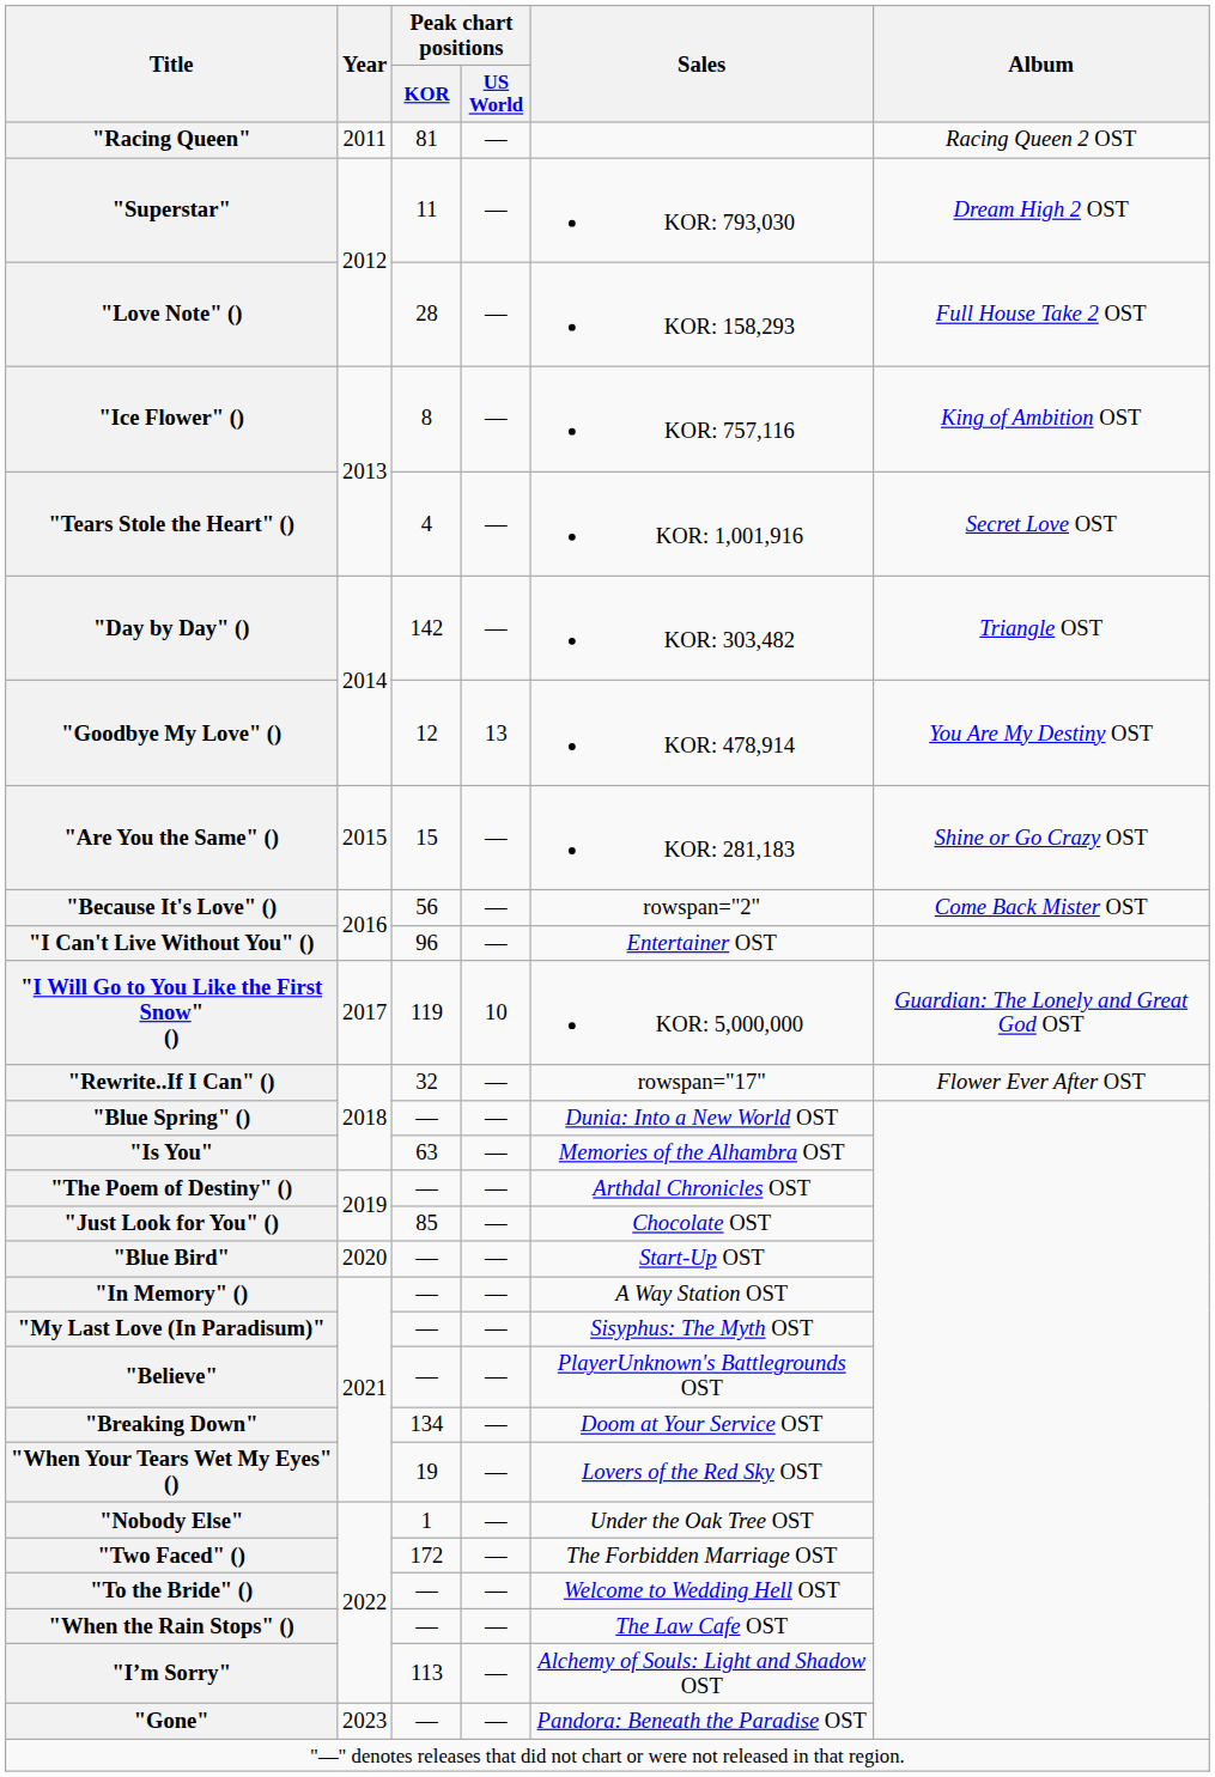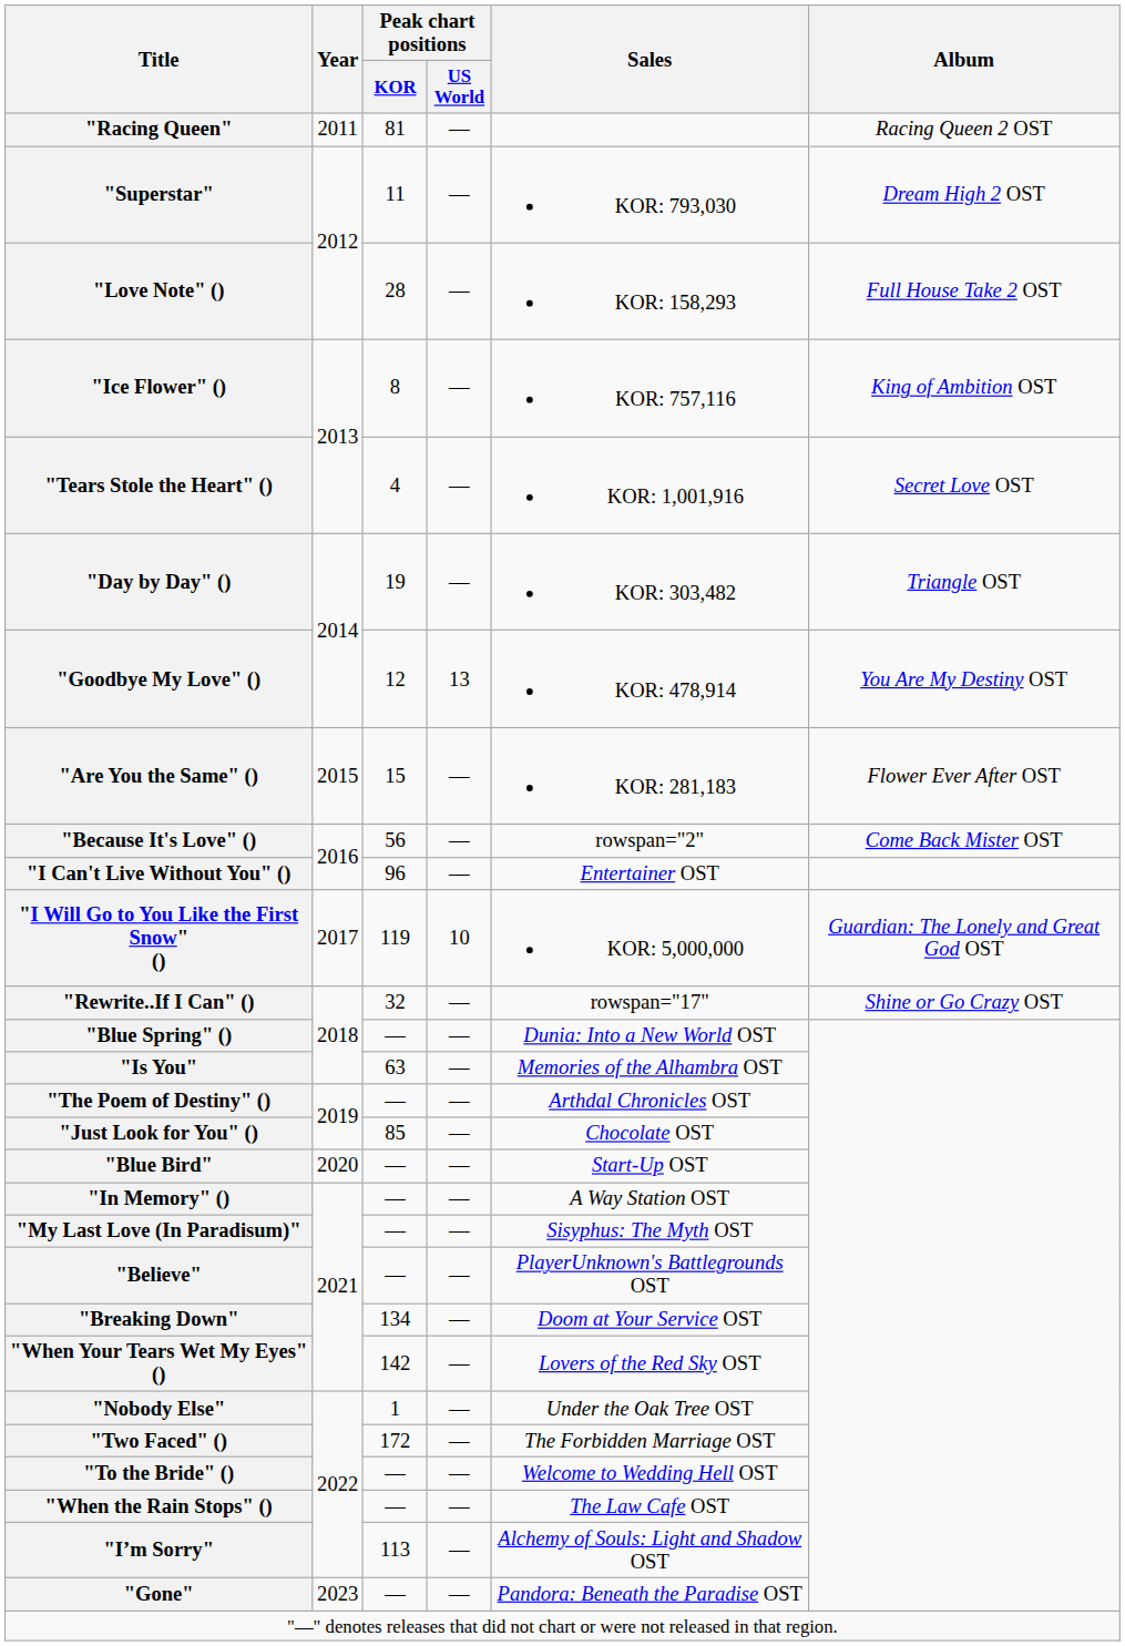 <table class="wikitable plainrowheaders" style="text-align:center;">
 <tr>
 <th scope="col" rowspan="2">Title</th>
 <th scope="col" rowspan="2">Year</th>
 <th colspan="2" scope="col">Peak chart positions</th>
 <th scope="col" rowspan="2">Sales</th>
 <th scope="col" rowspan="2">Album</th>
 </tr>
 <tr>
 <th scope="col" style="width:3em;font-size:90%;"><a href='#'>KOR</a><br></th>
 <th scope="col" style="width:3em;font-size:90%;"><a href='#'>US World</a><br></th>
 </tr>
 <tr>
 <th scope="row">"Racing Queen"<br></th>
 <td>2011</td>
 <td>81</td>
 <td>—</td>
 <td></td>
 <td><em>Racing Queen 2</em> OST</td>
 </tr>
 <tr>
 <th scope="row">"Superstar"<br></th>
 <td rowspan="2">2012</td>
 <td>11</td>
 <td>—</td>
 <td><br><ul><li>KOR: 793,030</li></ul></td>
 <td><em><a href='#'>Dream High 2</a></em> OST</td>
 </tr>
 <tr>
 <th scope="row">"Love Note" ()</th>
 <td>28</td>
 <td>—</td>
 <td><br><ul><li>KOR: 158,293</li></ul></td>
 <td><em><a href='#'>Full House Take 2</a></em> OST</td>
 </tr>
 <tr>
 <th scope="row">"Ice Flower" ()</th>
 <td rowspan="2">2013</td>
 <td>8</td>
 <td>—</td>
 <td><br><ul><li>KOR: 757,116</li></ul></td>
 <td><em><a href='#'>King of Ambition</a></em> OST</td>
 </tr>
 <tr>
 <th scope="row">"Tears Stole the Heart" ()</th>
 <td>4</td>
 <td>—</td>
 <td><br><ul><li>KOR: 1,001,916</li></ul></td>
 <td><em><a href='#'>Secret Love</a></em> OST</td>
 </tr>
 <tr>
 <th scope="row">"Day by Day" ()</th>
 <td rowspan="2">2014</td>
-<td>142</td>
+<td>19</td>
 <td>—</td>
 <td><br><ul><li>KOR: 303,482</li></ul></td>
 <td><em><a href='#'>Triangle</a></em> OST</td>
 </tr>
 <tr>
 <th scope="row">"Goodbye My Love" ()</th>
 <td>12</td>
 <td>13</td>
 <td><br><ul><li>KOR: 478,914</li></ul></td>
 <td><em><a href='#'>You Are My Destiny</a></em> OST</td>
 </tr>
 <tr>
 <th scope="row">"Are You the Same" ()</th>
 <td>2015</td>
 <td>15</td>
 <td>—</td>
 <td><br><ul><li>KOR: 281,183</li></ul></td>
-<td><em><a href='#'>Shine or Go Crazy</a></em> OST</td>
+<td><em>Flower Ever After</em> OST</td>
 </tr>
 <tr>
 <th scope="row">"Because It's Love" ()</th>
 <td rowspan="2">2016</td>
 <td>56</td>
 <td>—</td>
 <td>rowspan="2" </td>
 <td><em><a href='#'>Come Back Mister</a></em> OST</td>
 </tr>
 <tr>
 <th scope="row">"I Can't Live Without You" ()<br></th>
 <td>96</td>
 <td>—</td>
 <td><em><a href='#'>Entertainer</a></em> OST</td>
 </tr>
 <tr>
 <th scope="row">"<a href='#'>I Will Go to You Like the First Snow</a>" <br> ()</th>
 <td>2017</td>
 <td>119</td>
 <td>10</td>
 <td><br><ul><li>KOR: 5,000,000</li></ul></td>
 <td><em><a href='#'>Guardian: The Lonely and Great God</a></em> OST</td>
 </tr>
 <tr>
 <th scope="row">"Rewrite..If I Can" ()</th>
 <td rowspan="3">2018</td>
 <td>32</td>
 <td>—</td>
 <td>rowspan="17" </td>
-<td><em>Flower Ever After</em> OST</td>
+<td><em><a href='#'>Shine or Go Crazy</a></em> OST</td>
 </tr>
 <tr>
 <th scope="row">"Blue Spring" ()</th>
 <td>—</td>
 <td>—</td>
 <td><em><a href='#'>Dunia: Into a New World</a></em> OST</td>
 </tr>
 <tr>
 <th scope="row">"Is You"</th>
 <td>63</td>
 <td>—</td>
 <td><em><a href='#'>Memories of the Alhambra</a></em> OST</td>
 </tr>
 <tr>
 <th scope="row">"The Poem of Destiny" ()</th>
 <td rowspan="2">2019</td>
 <td>—</td>
 <td>—</td>
 <td><em><a href='#'>Arthdal Chronicles</a></em> OST</td>
 </tr>
 <tr>
 <th scope="row">"Just Look for You" ()</th>
 <td>85</td>
 <td>—</td>
 <td><em><a href='#'>Chocolate</a></em> OST</td>
 </tr>
 <tr>
 <th scope="row">"Blue Bird"</th>
 <td>2020</td>
 <td>—</td>
 <td>—</td>
 <td><em><a href='#'>Start-Up</a></em> OST</td>
 </tr>
 <tr>
 <th scope="row">"In Memory" ()</th>
 <td rowspan="5">2021</td>
 <td>—</td>
 <td>—</td>
 <td><em>A Way Station</em> OST</td>
 </tr>
 <tr>
 <th scope="row">"My Last Love (In Paradisum)"</th>
 <td>—</td>
 <td>—</td>
 <td><em><a href='#'>Sisyphus: The Myth</a></em> OST</td>
 </tr>
 <tr>
 <th scope="row">"Believe"</th>
 <td>—</td>
 <td>—</td>
 <td><em><a href='#'>PlayerUnknown's Battlegrounds</a></em> OST</td>
 </tr>
 <tr>
 <th scope="row">"Breaking Down"</th>
 <td>134</td>
 <td>—</td>
 <td><em><a href='#'>Doom at Your Service</a></em> OST</td>
 </tr>
 <tr>
 <th scope="row">"When Your Tears Wet My Eyes" <br> ()</th>
-<td>19</td>
+<td>142</td>
 <td>—</td>
 <td><em><a href='#'>Lovers of the Red Sky</a></em> OST</td>
 </tr>
 <tr>
 <th scope="row">"Nobody Else"</th>
 <td rowspan="5">2022</td>
 <td>1</td>
 <td>—</td>
 <td><em>Under the Oak Tree</em> OST</td>
 </tr>
 <tr>
 <th scope="row">"Two Faced" ()</th>
 <td>172</td>
 <td>—</td>
 <td><em>The Forbidden Marriage</em> OST</td>
 </tr>
 <tr>
 <th scope="row">"To the Bride" ()</th>
 <td>—</td>
 <td>—</td>
 <td><em><a href='#'>Welcome to Wedding Hell</a></em> OST</td>
 </tr>
 <tr>
 <th scope="row">"When the Rain Stops" ()</th>
 <td>—</td>
 <td>—</td>
 <td><em><a href='#'>The Law Cafe</a></em> OST</td>
 </tr>
 <tr>
 <th scope="row">"I’m Sorry"</th>
 <td>113</td>
 <td>—</td>
 <td><em><a href='#'>Alchemy of Souls: Light and Shadow</a></em> OST</td>
 </tr>
 <tr>
 <th scope="row">"Gone"</th>
 <td rowspan="1">2023</td>
 <td>—</td>
 <td>—</td>
 <td><em><a href='#'>Pandora: Beneath the Paradise</a></em> OST</td>
 </tr>
 <tr>
 <td colspan="6" style="font-size:90%">"—" denotes releases that did not chart or were not released in that region.</td>
 </tr>
 </table>
